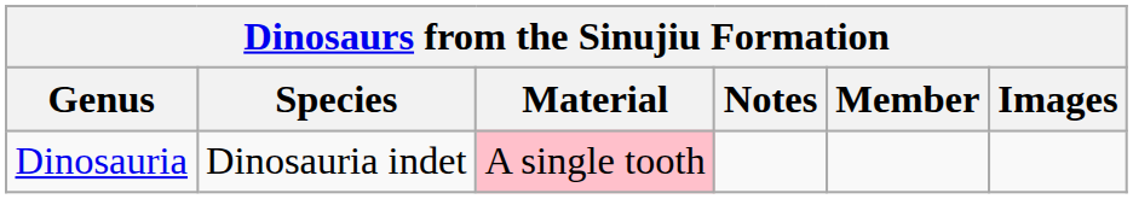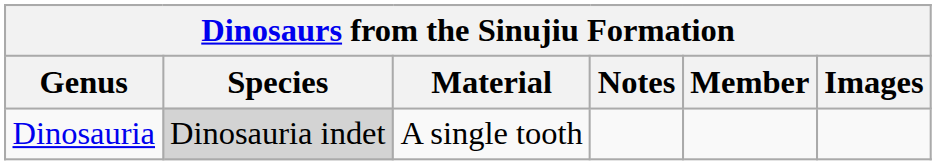 <table class="wikitable">
 <tr>
 <th colspan="6"><strong><a href='#'>Dinosaurs</a> from the Sinujiu Formation</strong></th>
 </tr>
 <tr>
 <th>Genus</th>
 <th>Species</th>
 <th>Material</th>
 <th>Notes</th>
 <th>Member</th>
 <th>Images</th>
 </tr>
 <tr>
 <td><a href='#'>Dinosauria</a></td>
-<td>Dinosauria indet</td>
-<td style="background: pink;">A single tooth</td>
+<td style="background: lightgrey;">Dinosauria indet</td>
+<td>A single tooth</td>
 <td></td>
 <td></td>
 </tr>
 </table>
